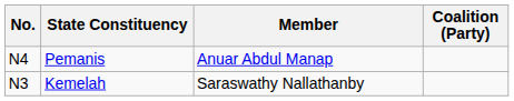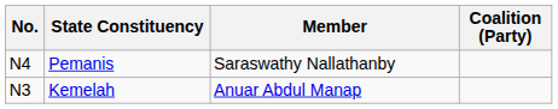 <table class="wikitable sortable">
 <tr>
 <th width="30">No.</th>
 <th width="150">State Constituency</th>
 <th width="230">Member</th>
 <th width="80">Coalition (Party)</th>
 </tr>
 <tr>
 <td>N4</td>
 <td><a href='#'>Pemanis</a></td>
-<td><a href='#'>Anuar Abdul Manap</a></td>
+<td>Saraswathy Nallathanby</td>
 <td></td>
 </tr>
 <tr>
 <td>N3</td>
 <td><a href='#'>Kemelah</a></td>
-<td>Saraswathy Nallathanby</td>
+<td><a href='#'>Anuar Abdul Manap</a></td>
 <td></td>
 </tr>
 </table>
